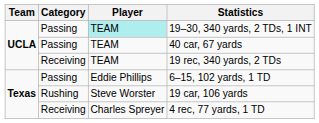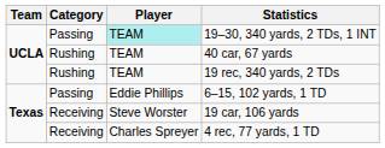 <table class="wikitable" style="float: right;">
 <tr>
 <th>Team</th>
 <th>Category</th>
 <th>Player</th>
 <th>Statistics</th>
 </tr>
 <tr>
 <td rowspan=3><strong>UCLA</strong></td>
 <td>Passing</td>
 <td style="background: paleturquoise;">TEAM</td>
 <td>19–30, 340 yards, 2 TDs, 1 INT</td>
 </tr>
 <tr>
-<td>Passing</td>
+<td>Rushing</td>
 <td>TEAM</td>
 <td>40 car, 67 yards</td>
 </tr>
 <tr>
-<td>Receiving</td>
+<td>Rushing</td>
 <td>TEAM</td>
 <td>19 rec, 340 yards, 2 TDs</td>
 </tr>
 <tr>
 <td rowspan=3><strong>Texas</strong></td>
 <td>Passing</td>
 <td>Eddie Phillips</td>
 <td>6–15, 102 yards, 1 TD</td>
 </tr>
 <tr>
-<td>Rushing</td>
+<td>Receiving</td>
 <td>Steve Worster</td>
 <td>19 car, 106 yards</td>
 </tr>
 <tr>
 <td>Receiving</td>
 <td>Charles Spreyer</td>
 <td>4 rec, 77 yards, 1 TD</td>
 </tr>
 </table>
